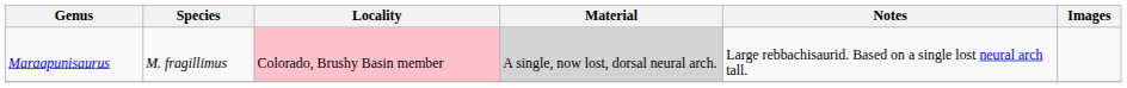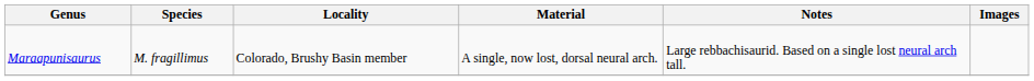 <table class="wikitable" align="center" width="100%">
 <tr>
 <th>Genus</th>
 <th>Species</th>
 <th>Locality</th>
 <th width="20%">Material</th>
 <th width="30%">Notes</th>
 <th>Images</th>
 </tr>
 <tr>
 <td><br><em><a href='#'>Maraapunisaurus</a></em></td>
 <td><br><em>M. fragillimus</em></td>
-<td style="background: pink;"><br>Colorado, Brushy Basin member</td>
-<td style="background: lightgrey;"><br>A single, now lost, dorsal neural arch.</td>
+<td><br>Colorado, Brushy Basin member</td>
+<td><br>A single, now lost, dorsal neural arch.</td>
 <td><br>Large rebbachisaurid. Based on a single lost <a href='#'>neural arch</a>  tall.</td>
 <td></td>
 </tr>
 <tr>
 </tr>
 </table>
